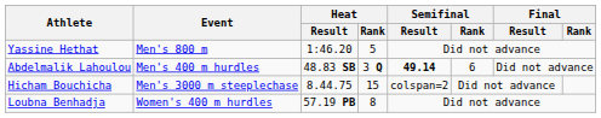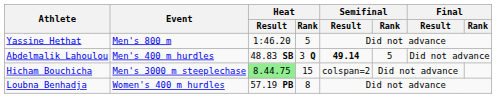 <table class="wikitable" style="font-size:90%">
 <tr>
 <th rowspan="2">Athlete</th>
 <th rowspan="2">Event</th>
 <th colspan="2">Heat</th>
 <th colspan="2">Semifinal</th>
 <th colspan="2">Final</th>
 </tr>
 <tr style="font-size:95%">
 <th>Result</th>
 <th>Rank</th>
 <th>Result</th>
 <th>Rank</th>
 <th>Result</th>
 <th>Rank</th>
 </tr>
 <tr align=center>
 <td align=left><a href='#'>Yassine Hethat</a></td>
 <td align=left><a href='#'>Men's 800 m</a></td>
 <td>1:46.20</td>
 <td>5</td>
 <td colspan="4">Did not advance</td>
 </tr>
 <tr align="center">
 <td align="left"><a href='#'>Abdelmalik Lahoulou</a></td>
 <td align="left"><a href='#'>Men's 400 m hurdles</a></td>
 <td>48.83 <strong>SB</strong></td>
 <td>3 <strong>Q</strong></td>
 <td><strong>49.14</strong></td>
-<td>6</td>
+<td>5</td>
 <td colspan="2">Did not advance</td>
 </tr>
 <tr align="center">
 <td align="left"><a href='#'>Hicham Bouchicha</a></td>
 <td align="left"><a href='#'>Men's 3000 m steeplechase</a></td>
-<td>8.44.75</td>
+<td style="background: lightgreen;">8.44.75</td>
 <td>15</td>
 <td>colspan=2 </td>
 <td colspan="2">Did not advance</td>
 </tr>
 <tr align=center>
 <td align="left"><a href='#'>Loubna Benhadja</a></td>
 <td align="left"><a href='#'>Women's 400 m hurdles</a></td>
 <td>57.19 <strong>PB</strong></td>
 <td>8</td>
 <td colspan=4>Did not advance</td>
 </tr>
 </table>
